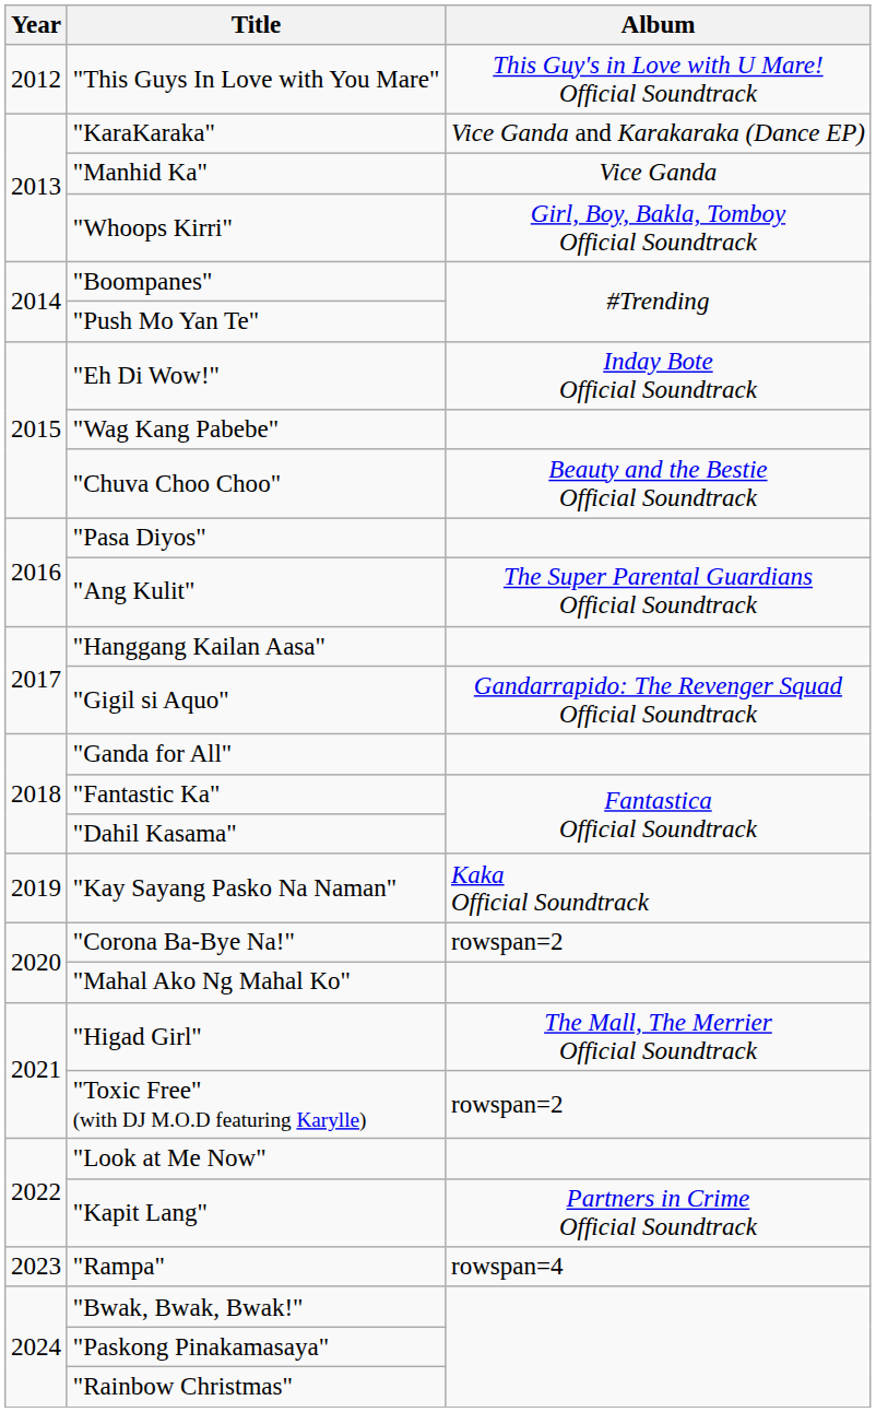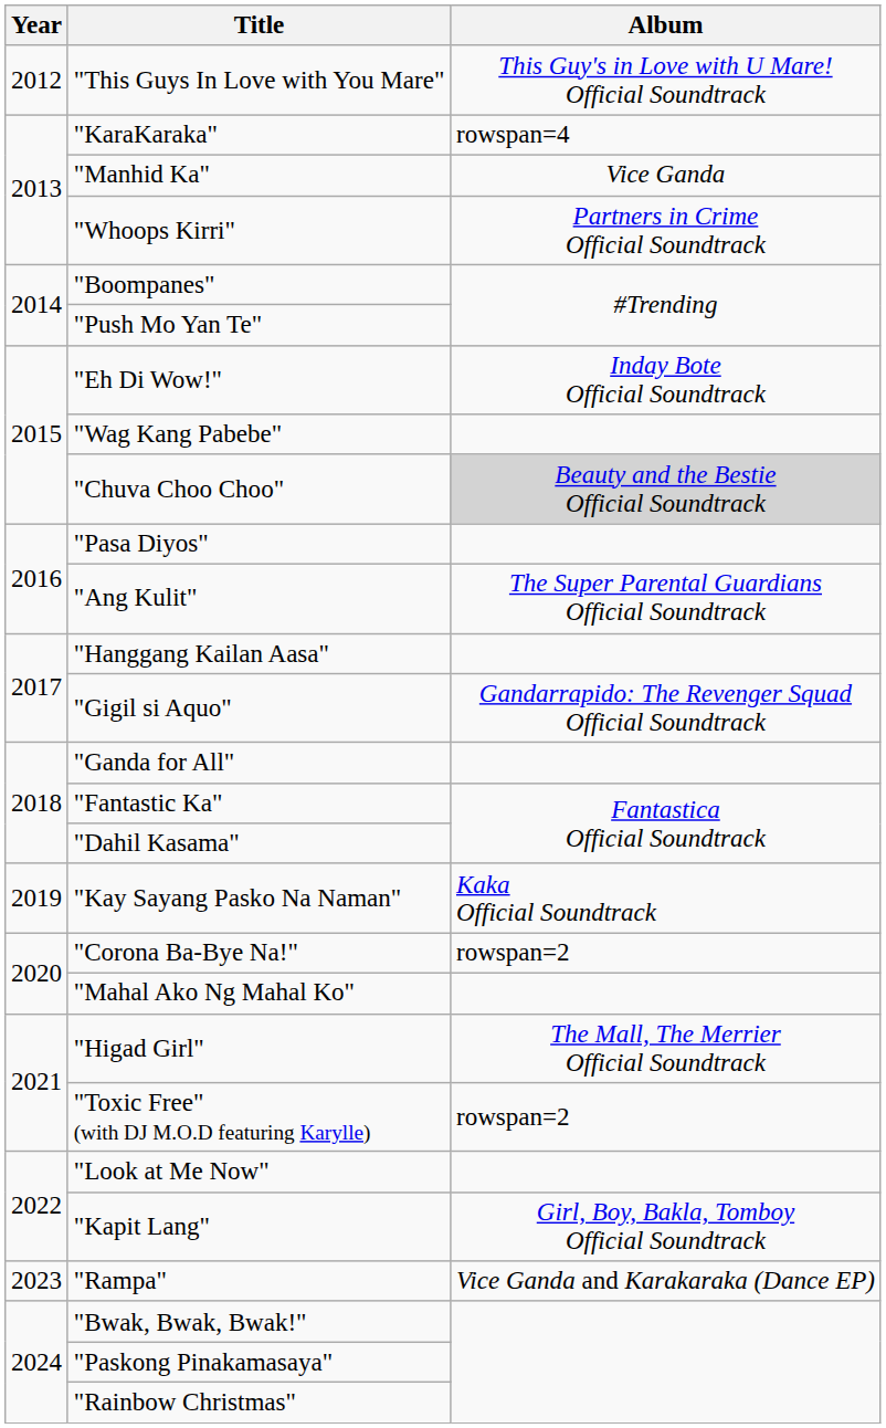 <table class="wikitable plainrowheaders">
 <tr>
 <th><strong>Year</strong></th>
 <th><strong>Title</strong></th>
 <th><strong>Album</strong></th>
 </tr>
 <tr>
 <td>2012</td>
 <td>"This Guys In Love with You Mare"<br></td>
 <td style="text-align:center"><em><a href='#'>This Guy's in Love with U Mare!</a><br>Official Soundtrack</em></td>
 </tr>
 <tr>
 <td rowspan=3>2013</td>
 <td>"KaraKaraka"<br></td>
-<td style="text-align:center"><em>Vice Ganda</em> and <em>Karakaraka (Dance EP)</em></td>
+<td>rowspan=4 </td>
 </tr>
 <tr>
 <td>"Manhid Ka"</td>
 <td style="text-align:center"><em>Vice Ganda</em></td>
 </tr>
 <tr>
 <td>"Whoops Kirri"</td>
-<td style="text-align:center"><em><a href='#'>Girl, Boy, Bakla, Tomboy</a><br>Official Soundtrack</em></td>
+<td style="text-align:center"><em><a href='#'>Partners in Crime</a><br>Official Soundtrack</em></td>
 </tr>
 <tr>
 <td rowspan=2>2014</td>
 <td>"Boompanes"</td>
 <td rowspan=2 style="text-align:center"><em>#Trending</em></td>
 </tr>
 <tr>
 <td>"Push Mo Yan Te"<br></td>
 </tr>
 <tr>
 <td rowspan=3>2015</td>
 <td>"Eh Di Wow!"</td>
 <td style="text-align:center"><em><a href='#'>Inday Bote</a><br>Official Soundtrack</em></td>
 </tr>
 <tr>
 <td>"Wag Kang Pabebe"</td>
 <td></td>
 </tr>
 <tr>
 <td>"Chuva Choo Choo"</td>
-<td style="text-align:center"><em><a href='#'>Beauty and the Bestie</a><br>Official Soundtrack</em></td>
+<td style="background: lightgrey; text-align:center"><em><a href='#'>Beauty and the Bestie</a><br>Official Soundtrack</em></td>
 </tr>
 <tr>
 <td rowspan="2">2016</td>
 <td>"Pasa Diyos"<br></td>
 <td></td>
 </tr>
 <tr>
 <td>"Ang Kulit"</td>
 <td style="text-align:center"><em><a href='#'>The Super Parental Guardians</a><br>Official Soundtrack</em></td>
 </tr>
 <tr>
 <td rowspan=2>2017</td>
 <td>"Hanggang Kailan Aasa"</td>
 <td></td>
 </tr>
 <tr>
 <td>"Gigil si Aquo"</td>
 <td style="text-align:center"><em><a href='#'>Gandarrapido: The Revenger Squad</a><br>Official Soundtrack</em></td>
 </tr>
 <tr>
 <td rowspan=3>2018</td>
 <td>"Ganda for All"</td>
 <td></td>
 </tr>
 <tr>
 <td>"Fantastic Ka"</td>
 <td rowspan=2 style="text-align:center"><em><a href='#'>Fantastica</a><br>Official Soundtrack</em></td>
 </tr>
 <tr>
 <td>"Dahil Kasama"</td>
 </tr>
 <tr>
 <td>2019</td>
 <td>"Kay Sayang Pasko Na Naman"<br></td>
 <td><em><a href='#'>Kaka</a><br>Official Soundtrack</em></td>
 </tr>
 <tr>
 <td rowspan="2">2020</td>
 <td>"Corona Ba-Bye Na!"</td>
 <td>rowspan=2 </td>
 </tr>
 <tr>
 <td>"Mahal Ako Ng Mahal Ko"</td>
 </tr>
 <tr>
 <td rowspan="2">2021</td>
 <td>"Higad Girl"</td>
 <td style="text-align:center"><em><a href='#'>The Mall, The Merrier</a><br>Official Soundtrack</em></td>
 </tr>
 <tr>
 <td>"Toxic Free"<br><small>(with DJ M.O.D featuring <a href='#'>Karylle</a>)<br></small></td>
 <td>rowspan=2 </td>
 </tr>
 <tr>
 <td rowspan="2">2022</td>
 <td>"Look at Me Now"</td>
 </tr>
 <tr>
 <td>"Kapit Lang"<br></td>
-<td style="text-align:center"><em><a href='#'>Partners in Crime</a><br>Official Soundtrack</em></td>
+<td style="text-align:center"><em><a href='#'>Girl, Boy, Bakla, Tomboy</a><br>Official Soundtrack</em></td>
 </tr>
 <tr>
 <td>2023</td>
 <td>"Rampa"</td>
-<td>rowspan=4 </td>
+<td style="text-align:center"><em>Vice Ganda</em> and <em>Karakaraka (Dance EP)</em></td>
 </tr>
 <tr>
 <td rowspan="3">2024</td>
 <td>"Bwak, Bwak, Bwak!"</td>
 </tr>
 <tr>
 <td>"Paskong Pinakamasaya"</td>
 </tr>
 <tr>
 <td>"Rainbow Christmas"</td>
 </tr>
 </table>
